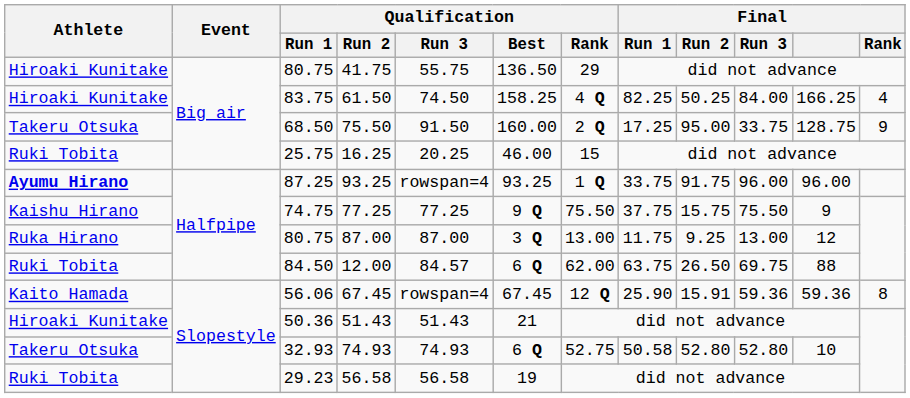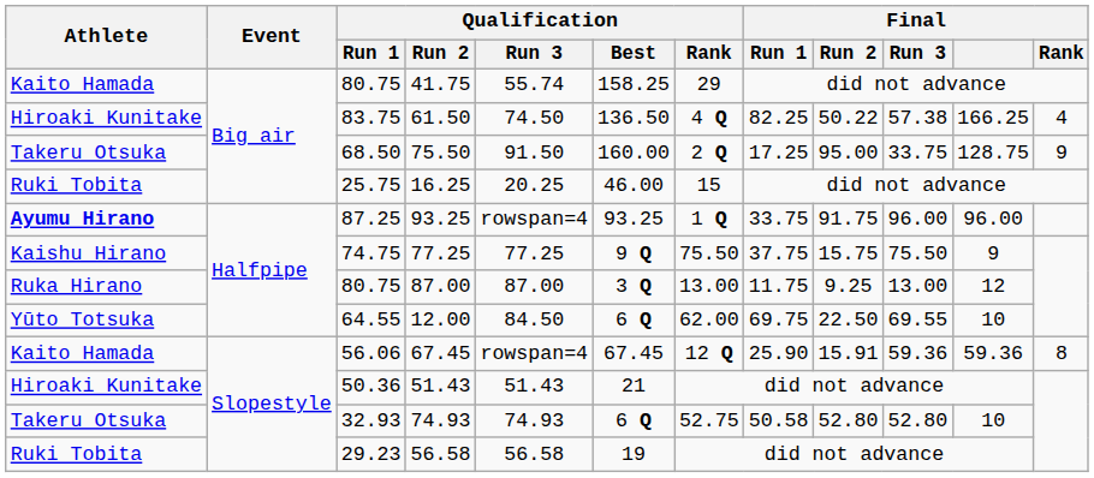 <table class=wikitable style=font-size:90%;text-align:center>
 <tr>
 <th rowspan=2>Athlete</th>
 <th rowspan=2>Event</th>
 <th colspan=5>Qualification</th>
 <th colspan=5>Final</th>
 </tr>
 <tr style=font-size:95%>
 <th>Run 1</th>
 <th>Run 2</th>
 <th>Run 3</th>
 <th>Best</th>
 <th>Rank</th>
 <th>Run 1</th>
 <th>Run 2</th>
 <th>Run 3</th>
 <th></th>
 <th>Rank</th>
 </tr>
 <tr>
-<td align=left><a href='#'>Hiroaki Kunitake</a></td>
+<td align=left><a href='#'>Kaito Hamada</a></td>
 <td align=left rowspan=4><a href='#'>Big air</a></td>
 <td>80.75</td>
 <td>41.75</td>
-<td>55.75</td>
-<td>136.50</td>
+<td>55.74</td>
+<td>158.25</td>
 <td>29</td>
 <td colspan=5>did not advance</td>
 </tr>
 <tr>
 <td align=left><a href='#'>Hiroaki Kunitake</a></td>
 <td>83.75</td>
 <td>61.50</td>
 <td>74.50</td>
-<td>158.25</td>
+<td>136.50</td>
 <td>4 <strong>Q</strong></td>
 <td>82.25</td>
-<td>50.25</td>
-<td>84.00</td>
+<td>50.22</td>
+<td>57.38</td>
 <td>166.25</td>
 <td>4</td>
 </tr>
 <tr>
 <td align=left><a href='#'>Takeru Otsuka</a></td>
 <td>68.50</td>
 <td>75.50</td>
 <td>91.50</td>
 <td>160.00</td>
 <td>2 <strong>Q</strong></td>
 <td>17.25</td>
 <td>95.00</td>
 <td>33.75</td>
 <td>128.75</td>
 <td>9</td>
 </tr>
 <tr>
 <td align=left><a href='#'>Ruki Tobita</a></td>
 <td>25.75</td>
 <td>16.25</td>
 <td>20.25</td>
 <td>46.00</td>
 <td>15</td>
 <td colspan=5>did not advance</td>
 </tr>
 <tr>
 <td align=left><strong><a href='#'>Ayumu Hirano</a></strong></td>
 <td align=left rowspan=4><a href='#'>Halfpipe</a></td>
 <td>87.25</td>
 <td>93.25</td>
 <td>rowspan=4 </td>
 <td>93.25</td>
 <td>1 <strong>Q</strong></td>
 <td>33.75</td>
 <td>91.75</td>
 <td>96.00</td>
 <td>96.00</td>
 <td></td>
 </tr>
 <tr>
 <td align=left><a href='#'>Kaishu Hirano</a></td>
 <td>74.75</td>
 <td>77.25</td>
 <td>77.25</td>
 <td>9 <strong>Q</strong></td>
 <td>75.50</td>
 <td>37.75</td>
 <td>15.75</td>
 <td>75.50</td>
 <td>9</td>
 </tr>
 <tr>
 <td align=left><a href='#'>Ruka Hirano</a></td>
 <td>80.75</td>
 <td>87.00</td>
 <td>87.00</td>
 <td>3 <strong>Q</strong></td>
 <td>13.00</td>
 <td>11.75</td>
 <td>9.25</td>
 <td>13.00</td>
 <td>12</td>
 </tr>
 <tr>
-<td align=left><a href='#'>Ruki Tobita</a></td>
+<td align=left><a href='#'>Yūto Totsuka</a></td>
+<td>64.55</td>
+<td>12.00</td>
 <td>84.50</td>
-<td>12.00</td>
-<td>84.57</td>
 <td>6 <strong>Q</strong></td>
 <td>62.00</td>
-<td>63.75</td>
-<td>26.50</td>
 <td>69.75</td>
-<td>88</td>
+<td>22.50</td>
+<td>69.55</td>
+<td>10</td>
 </tr>
 <tr>
 <td align=left><a href='#'>Kaito Hamada</a></td>
 <td align=left rowspan=4><a href='#'>Slopestyle</a></td>
 <td>56.06</td>
 <td>67.45</td>
 <td>rowspan=4 </td>
 <td>67.45</td>
 <td>12 <strong>Q</strong></td>
 <td>25.90</td>
 <td>15.91</td>
 <td>59.36</td>
 <td>59.36</td>
 <td>8</td>
 </tr>
 <tr>
 <td align=left><a href='#'>Hiroaki Kunitake</a></td>
 <td>50.36</td>
 <td>51.43</td>
 <td>51.43</td>
 <td>21</td>
 <td colspan=5>did not advance</td>
 </tr>
 <tr>
 <td align=left><a href='#'>Takeru Otsuka</a></td>
 <td>32.93</td>
 <td>74.93</td>
 <td>74.93</td>
 <td>6 <strong>Q</strong></td>
 <td>52.75</td>
 <td>50.58</td>
 <td>52.80</td>
 <td>52.80</td>
 <td>10</td>
 </tr>
 <tr>
 <td align=left><a href='#'>Ruki Tobita</a></td>
 <td>29.23</td>
 <td>56.58</td>
 <td>56.58</td>
 <td>19</td>
 <td colspan=5>did not advance</td>
 </tr>
 </table>
